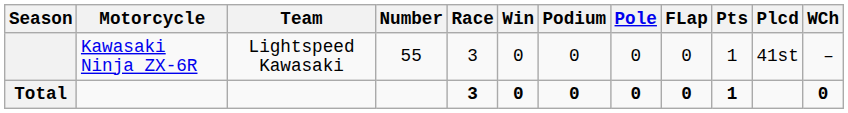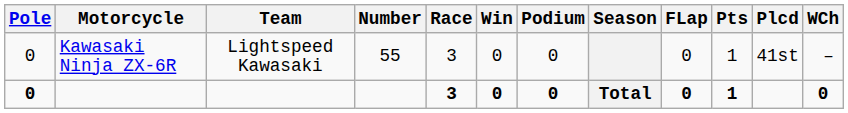 <table class="wikitable" style="text-align:center; font-size:97%;" width="600">
 <tr>
-<th>Season</th>
+<th><a href='#'>Pole</a></th>
 <th>Motorcycle</th>
 <th>Team</th>
 <th>Number</th>
 <th>Race</th>
 <th>Win</th>
 <th>Podium</th>
-<th><a href='#'>Pole</a></th>
+<th>Season</th>
 <th>FLap</th>
 <th>Pts</th>
 <th>Plcd</th>
 <th>WCh</th>
 </tr>
 <tr>
-<th></th>
+<td>0</td>
 <td align="left"><a href='#'>Kawasaki Ninja ZX-6R</a></td>
 <td>Lightspeed Kawasaki</td>
 <td>55</td>
 <td>3</td>
 <td>0</td>
 <td>0</td>
-<td>0</td>
+<th></th>
 <td>0</td>
 <td>1</td>
 <td>41st</td>
 <td> –</td>
 </tr>
 <tr>
-<th>Total</th>
+<td><strong>0</strong></td>
 <td></td>
 <td></td>
 <td></td>
 <td><strong>3</strong></td>
 <td><strong>0</strong></td>
 <td><strong>0</strong></td>
-<td><strong>0</strong></td>
+<th>Total</th>
 <td><strong>0</strong></td>
 <td><strong>1</strong></td>
 <td></td>
 <td><strong>0</strong></td>
 </tr>
 </table>
